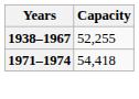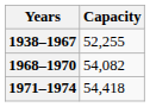 <table class="wikitable">
 <tr>
 <th scope="col">Years</th>
 <th scope="col">Capacity</th>
 </tr>
 <tr>
 <th scope="row">1938–1967</th>
 <td>52,255</td>
 </tr>
 <tr>
+<th scope="row">1968–1970</th>
+<td>54,082</td>
+</tr>
+<tr>
 <th scope="row">1971–1974</th>
 <td>54,418</td>
 </tr>
 </table>
